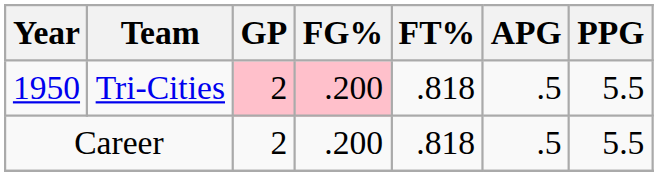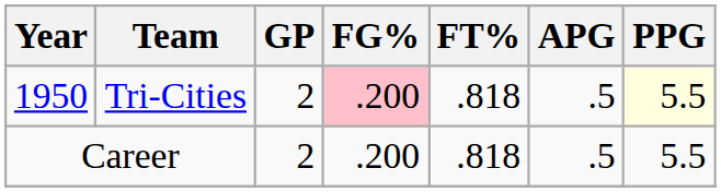 <table class="wikitable sortable" style="font-size:95%; text-align:right;">
 <tr>
 <th>Year</th>
 <th>Team</th>
 <th>GP</th>
 <th>FG%</th>
 <th>FT%</th>
 <th>APG</th>
 <th>PPG</th>
 </tr>
 <tr>
 <td style="text-align:left;"><a href='#'>1950</a></td>
 <td style="text-align:left;"><a href='#'>Tri-Cities</a></td>
-<td style="background: pink;">2</td>
+<td>2</td>
 <td style="background: pink;">.200</td>
 <td>.818</td>
 <td>.5</td>
-<td>5.5</td>
+<td style="background: lightyellow;">5.5</td>
 </tr>
 <tr>
 <td style="text-align:center;" colspan="2">Career</td>
 <td>2</td>
 <td>.200</td>
 <td>.818</td>
 <td>.5</td>
 <td>5.5</td>
 </tr>
 <tr>
 </tr>
 </table>
